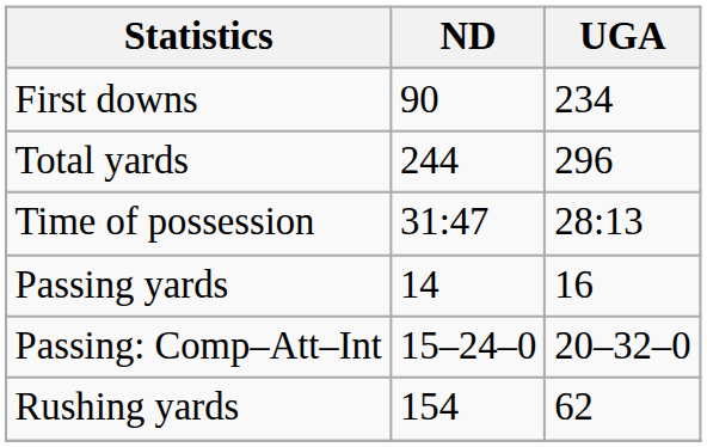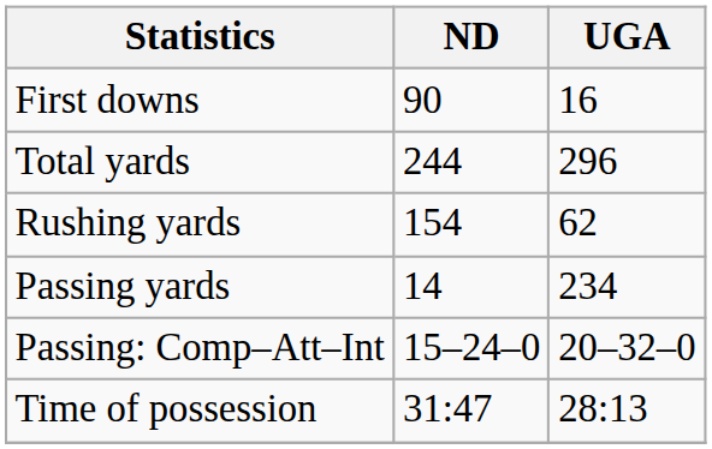 <table class="wikitable" style="float: left;">
 <tr>
 <th>Statistics</th>
 <th>ND</th>
 <th>UGA</th>
 </tr>
 <tr>
 <td>First downs</td>
 <td>90</td>
-<td>234</td>
+<td>16</td>
 </tr>
 <tr>
 <td>Total yards</td>
 <td>244</td>
 <td>296</td>
 </tr>
 <tr>
-<td>Time of possession</td>
-<td>31:47</td>
-<td>28:13</td>
+<td>Rushing yards</td>
+<td>154</td>
+<td>62</td>
 </tr>
 <tr>
 <td>Passing yards</td>
 <td>14</td>
-<td>16</td>
+<td>234</td>
 </tr>
 <tr>
 <td>Passing: Comp–Att–Int</td>
 <td>15–24–0</td>
 <td>20–32–0</td>
 </tr>
 <tr>
-<td>Rushing yards</td>
-<td>154</td>
-<td>62</td>
+<td>Time of possession</td>
+<td>31:47</td>
+<td>28:13</td>
 </tr>
 <tr>
 </tr>
 </table>
